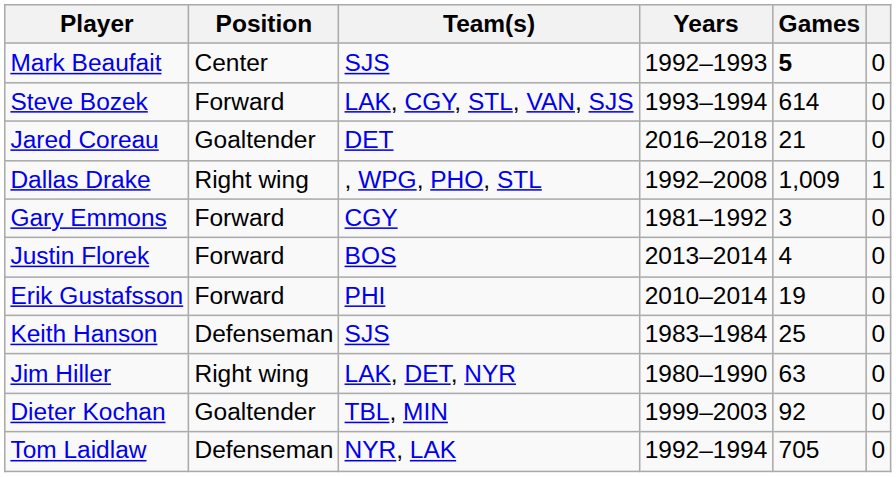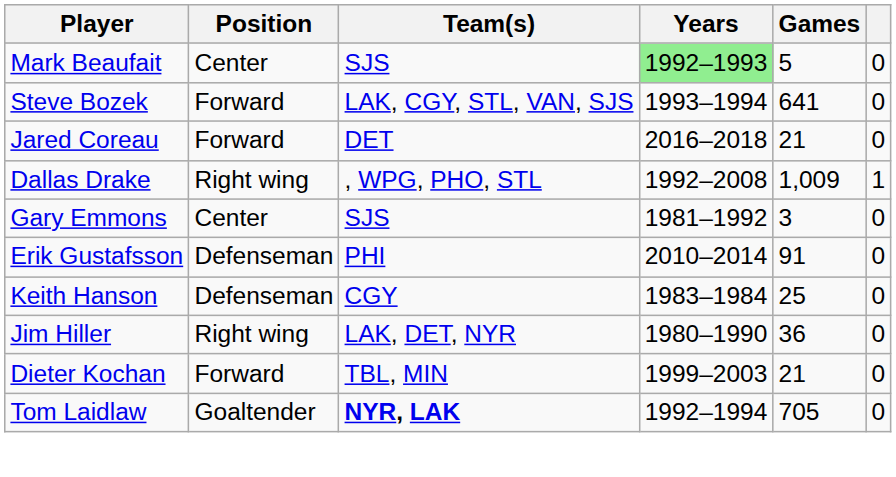 <table class="wikitable sortable">
 <tr>
 <th>Player</th>
 <th>Position</th>
 <th>Team(s)</th>
 <th>Years</th>
 <th>Games</th>
 <th><a href='#'></a></th>
 </tr>
 <tr>
 <td><a href='#'>Mark Beaufait</a></td>
 <td>Center</td>
 <td><a href='#'>SJS</a></td>
-<td>1992–1993</td>
-<td><strong>5</strong></td>
+<td style="background: lightgreen;">1992–1993</td>
+<td>5</td>
 <td>0</td>
 </tr>
 <tr>
 <td><a href='#'>Steve Bozek</a></td>
 <td>Forward</td>
 <td><a href='#'>LAK</a>, <a href='#'>CGY</a>, <a href='#'>STL</a>, <a href='#'>VAN</a>, <a href='#'>SJS</a></td>
 <td>1993–1994</td>
-<td>614</td>
+<td>641</td>
 <td>0</td>
 </tr>
 <tr>
 <td><a href='#'>Jared Coreau</a></td>
-<td>Goaltender</td>
+<td>Forward</td>
 <td><a href='#'>DET</a></td>
 <td>2016–2018</td>
 <td>21</td>
 <td>0</td>
 </tr>
 <tr>
 <td><a href='#'>Dallas Drake</a></td>
 <td>Right wing</td>
 <td><span><strong></strong></span>, <a href='#'>WPG</a>, <a href='#'>PHO</a>, <a href='#'>STL</a></td>
 <td>1992–2008</td>
 <td>1,009</td>
 <td>1</td>
 </tr>
 <tr>
 <td><a href='#'>Gary Emmons</a></td>
-<td>Forward</td>
-<td><a href='#'>CGY</a></td>
+<td>Center</td>
+<td><a href='#'>SJS</a></td>
 <td>1981–1992</td>
 <td>3</td>
 <td>0</td>
 </tr>
 <tr>
-<td><a href='#'>Justin Florek</a></td>
-<td>Forward</td>
-<td><a href='#'>BOS</a></td>
-<td>2013–2014</td>
-<td>4</td>
-<td>0</td>
-</tr>
-<tr>
 <td><a href='#'>Erik Gustafsson</a></td>
-<td>Forward</td>
+<td>Defenseman</td>
 <td><a href='#'>PHI</a></td>
 <td>2010–2014</td>
-<td>19</td>
+<td>91</td>
 <td>0</td>
 </tr>
 <tr>
 <td><a href='#'>Keith Hanson</a></td>
 <td>Defenseman</td>
-<td><a href='#'>SJS</a></td>
+<td><a href='#'>CGY</a></td>
 <td>1983–1984</td>
 <td>25</td>
 <td>0</td>
 </tr>
 <tr>
 <td><a href='#'>Jim Hiller</a></td>
 <td>Right wing</td>
 <td><a href='#'>LAK</a>, <a href='#'>DET</a>, <a href='#'>NYR</a></td>
 <td>1980–1990</td>
-<td>63</td>
+<td>36</td>
 <td>0</td>
 </tr>
 <tr>
 <td><a href='#'>Dieter Kochan</a></td>
-<td>Goaltender</td>
+<td>Forward</td>
 <td><a href='#'>TBL</a>, <a href='#'>MIN</a></td>
 <td>1999–2003</td>
-<td>92</td>
+<td>21</td>
 <td>0</td>
 </tr>
 <tr>
 <td><a href='#'>Tom Laidlaw</a></td>
-<td>Defenseman</td>
-<td><a href='#'>NYR</a>, <a href='#'>LAK</a></td>
+<td>Goaltender</td>
+<td><strong><a href='#'>NYR</a>, <a href='#'>LAK</a></strong></td>
 <td>1992–1994</td>
 <td>705</td>
 <td>0</td>
 </tr>
 </table>
